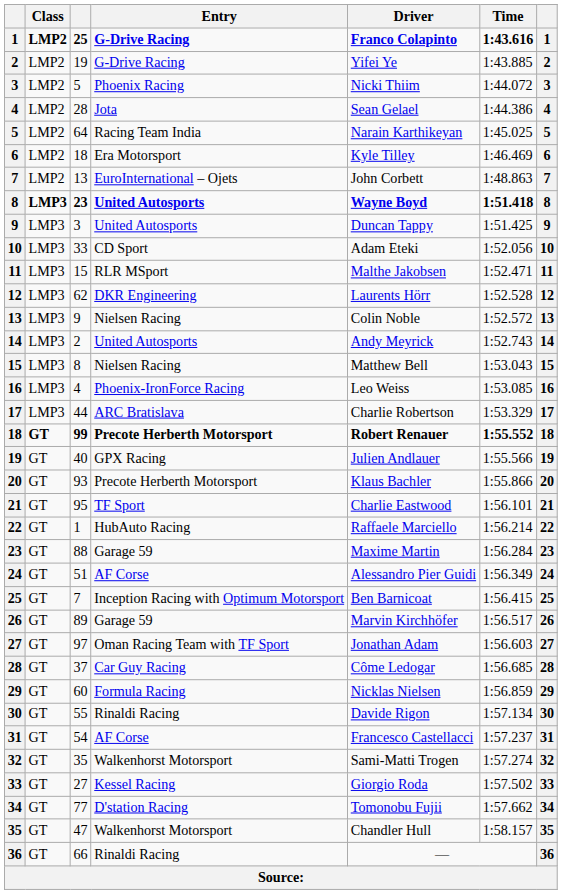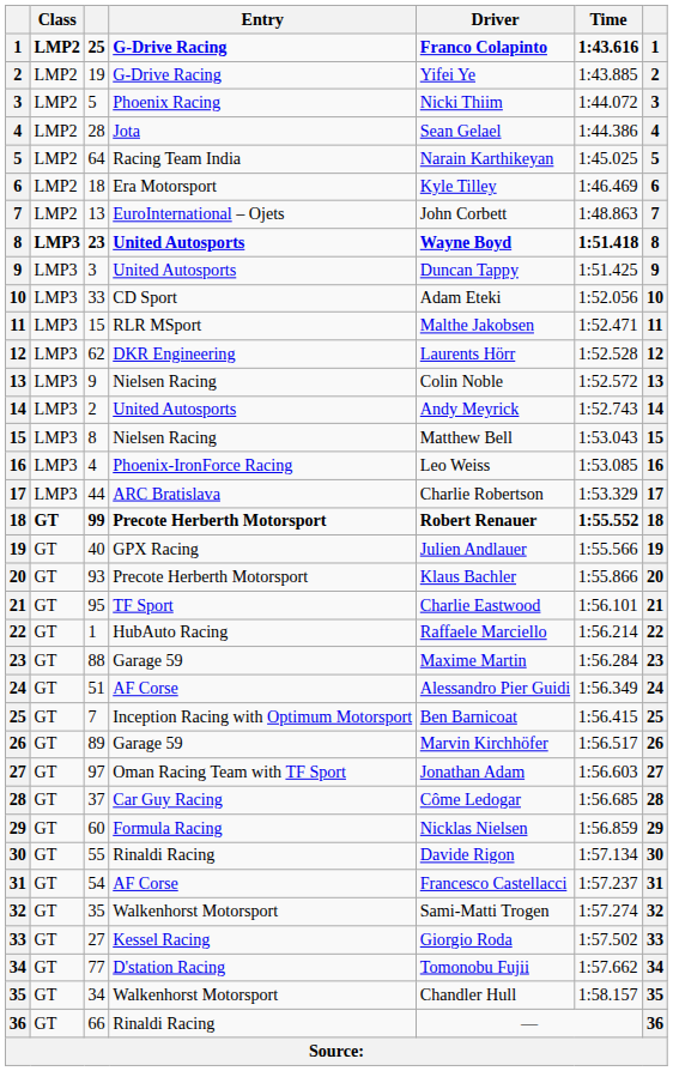 <table class="wikitable sortable" style="font-size:90%;">
 <tr>
 <th></th>
 <th class="unsortable">Class</th>
 <th class="unsortable"></th>
 <th class="unsortable">Entry</th>
 <th class="unsortable">Driver</th>
 <th class="unsortable">Time</th>
 <th></th>
 </tr>
 <tr>
 <th>1</th>
 <td><strong>LMP2</strong></td>
 <td><strong>25</strong></td>
 <td><strong> <a href='#'>G-Drive Racing</a></strong></td>
 <td><strong> <a href='#'>Franco Colapinto</a></strong></td>
 <td><strong>1:43.616</strong></td>
 <th>1</th>
 </tr>
 <tr>
 <th>2</th>
 <td>LMP2</td>
 <td>19</td>
 <td> <a href='#'>G-Drive Racing</a></td>
 <td> <a href='#'>Yifei Ye</a></td>
 <td>1:43.885</td>
 <th>2</th>
 </tr>
 <tr>
 <th>3</th>
 <td>LMP2</td>
 <td>5</td>
 <td> <a href='#'>Phoenix Racing</a></td>
 <td> <a href='#'>Nicki Thiim</a></td>
 <td>1:44.072</td>
 <th>3</th>
 </tr>
 <tr>
 <th>4</th>
 <td>LMP2</td>
 <td>28</td>
 <td> <a href='#'>Jota</a></td>
 <td> <a href='#'>Sean Gelael</a></td>
 <td>1:44.386</td>
 <th>4</th>
 </tr>
 <tr>
 <th>5</th>
 <td>LMP2</td>
 <td>64</td>
 <td> Racing Team India</td>
 <td> <a href='#'>Narain Karthikeyan</a></td>
 <td>1:45.025</td>
 <th>5</th>
 </tr>
 <tr>
 <th>6</th>
 <td>LMP2</td>
 <td>18</td>
 <td> Era Motorsport</td>
 <td> <a href='#'>Kyle Tilley</a></td>
 <td>1:46.469</td>
 <th>6</th>
 </tr>
 <tr>
 <th>7</th>
 <td>LMP2</td>
 <td>13</td>
 <td> <a href='#'>EuroInternational</a> – Ojets</td>
 <td> John Corbett</td>
 <td>1:48.863</td>
 <th>7</th>
 </tr>
 <tr>
 <th>8</th>
 <td><strong>LMP3</strong></td>
 <td><strong>23</strong></td>
 <td><strong> <a href='#'>United Autosports</a></strong></td>
 <td><strong> <a href='#'>Wayne Boyd</a></strong></td>
 <td><strong>1:51.418</strong></td>
 <th>8</th>
 </tr>
 <tr>
 <th>9</th>
 <td>LMP3</td>
 <td>3</td>
 <td> <a href='#'>United Autosports</a></td>
 <td> <a href='#'>Duncan Tappy</a></td>
 <td>1:51.425</td>
 <th>9</th>
 </tr>
 <tr>
 <th>10</th>
 <td>LMP3</td>
 <td>33</td>
 <td> CD Sport</td>
 <td> Adam Eteki</td>
 <td>1:52.056</td>
 <th>10</th>
 </tr>
 <tr>
 <th>11</th>
 <td>LMP3</td>
 <td>15</td>
 <td> RLR MSport</td>
 <td> <a href='#'>Malthe Jakobsen</a></td>
 <td>1:52.471</td>
 <th>11</th>
 </tr>
 <tr>
 <th>12</th>
 <td>LMP3</td>
 <td>62</td>
 <td> <a href='#'>DKR Engineering</a></td>
 <td> <a href='#'>Laurents Hörr</a></td>
 <td>1:52.528</td>
 <th>12</th>
 </tr>
 <tr>
 <th>13</th>
 <td>LMP3</td>
 <td>9</td>
 <td> Nielsen Racing</td>
 <td> Colin Noble</td>
 <td>1:52.572</td>
 <th>13</th>
 </tr>
 <tr>
 <th>14</th>
 <td>LMP3</td>
 <td>2</td>
 <td> <a href='#'>United Autosports</a></td>
 <td> <a href='#'>Andy Meyrick</a></td>
 <td>1:52.743</td>
 <th>14</th>
 </tr>
 <tr>
 <th>15</th>
 <td>LMP3</td>
 <td>8</td>
 <td> Nielsen Racing</td>
 <td> Matthew Bell</td>
 <td>1:53.043</td>
 <th>15</th>
 </tr>
 <tr>
 <th>16</th>
 <td>LMP3</td>
 <td>4</td>
 <td> <a href='#'>Phoenix-IronForce Racing</a></td>
 <td> Leo Weiss</td>
 <td>1:53.085</td>
 <th>16</th>
 </tr>
 <tr>
 <th>17</th>
 <td>LMP3</td>
 <td>44</td>
 <td> <a href='#'>ARC Bratislava</a></td>
 <td> Charlie Robertson</td>
 <td>1:53.329</td>
 <th>17</th>
 </tr>
 <tr>
 <th>18</th>
 <td><strong>GT</strong></td>
 <td><strong>99</strong></td>
 <td><strong> Precote Herberth Motorsport</strong></td>
 <td><strong> Robert Renauer</strong></td>
 <td><strong>1:55.552</strong></td>
 <th>18</th>
 </tr>
 <tr>
 <th>19</th>
 <td>GT</td>
 <td>40</td>
 <td> GPX Racing</td>
 <td> <a href='#'>Julien Andlauer</a></td>
 <td>1:55.566</td>
 <th>19</th>
 </tr>
 <tr>
 <th>20</th>
 <td>GT</td>
 <td>93</td>
 <td> Precote Herberth Motorsport</td>
 <td> <a href='#'>Klaus Bachler</a></td>
 <td>1:55.866</td>
 <th>20</th>
 </tr>
 <tr>
 <th>21</th>
 <td>GT</td>
 <td>95</td>
 <td> <a href='#'>TF Sport</a></td>
 <td> <a href='#'>Charlie Eastwood</a></td>
 <td>1:56.101</td>
 <th>21</th>
 </tr>
 <tr>
 <th>22</th>
 <td>GT</td>
 <td>1</td>
 <td> HubAuto Racing</td>
 <td> <a href='#'>Raffaele Marciello</a></td>
 <td>1:56.214</td>
 <th>22</th>
 </tr>
 <tr>
 <th>23</th>
 <td>GT</td>
 <td>88</td>
 <td> Garage 59</td>
 <td> <a href='#'>Maxime Martin</a></td>
 <td>1:56.284</td>
 <th>23</th>
 </tr>
 <tr>
 <th>24</th>
 <td>GT</td>
 <td>51</td>
 <td> <a href='#'>AF Corse</a></td>
 <td> <a href='#'>Alessandro Pier Guidi</a></td>
 <td>1:56.349</td>
 <th>24</th>
 </tr>
 <tr>
 <th>25</th>
 <td>GT</td>
 <td>7</td>
 <td> Inception Racing with <a href='#'>Optimum Motorsport</a></td>
 <td> <a href='#'>Ben Barnicoat</a></td>
 <td>1:56.415</td>
 <th>25</th>
 </tr>
 <tr>
 <th>26</th>
 <td>GT</td>
 <td>89</td>
 <td> Garage 59</td>
 <td> <a href='#'>Marvin Kirchhöfer</a></td>
 <td>1:56.517</td>
 <th>26</th>
 </tr>
 <tr>
 <th>27</th>
 <td>GT</td>
 <td>97</td>
 <td> Oman Racing Team with <a href='#'>TF Sport</a></td>
 <td> <a href='#'>Jonathan Adam</a></td>
 <td>1:56.603</td>
 <th>27</th>
 </tr>
 <tr>
 <th>28</th>
 <td>GT</td>
 <td>37</td>
 <td> <a href='#'>Car Guy Racing</a></td>
 <td> <a href='#'>Côme Ledogar</a></td>
 <td>1:56.685</td>
 <th>28</th>
 </tr>
 <tr>
 <th>29</th>
 <td>GT</td>
 <td>60</td>
 <td> <a href='#'>Formula Racing</a></td>
 <td> <a href='#'>Nicklas Nielsen</a></td>
 <td>1:56.859</td>
 <th>29</th>
 </tr>
 <tr>
 <th>30</th>
 <td>GT</td>
 <td>55</td>
 <td> Rinaldi Racing</td>
 <td> <a href='#'>Davide Rigon</a></td>
 <td>1:57.134</td>
 <th>30</th>
 </tr>
 <tr>
 <th>31</th>
 <td>GT</td>
 <td>54</td>
 <td> <a href='#'>AF Corse</a></td>
 <td> <a href='#'>Francesco Castellacci</a></td>
 <td>1:57.237</td>
 <th>31</th>
 </tr>
 <tr>
 <th>32</th>
 <td>GT</td>
 <td>35</td>
 <td> Walkenhorst Motorsport</td>
 <td> Sami-Matti Trogen</td>
 <td>1:57.274</td>
 <th>32</th>
 </tr>
 <tr>
 <th>33</th>
 <td>GT</td>
 <td>27</td>
 <td> <a href='#'>Kessel Racing</a></td>
 <td> <a href='#'>Giorgio Roda</a></td>
 <td>1:57.502</td>
 <th>33</th>
 </tr>
 <tr>
 <th>34</th>
 <td>GT</td>
 <td>77</td>
 <td> <a href='#'>D'station Racing</a></td>
 <td> <a href='#'>Tomonobu Fujii</a></td>
 <td>1:57.662</td>
 <th>34</th>
 </tr>
 <tr>
 <th>35</th>
 <td>GT</td>
-<td>47</td>
+<td>34</td>
 <td> Walkenhorst Motorsport</td>
 <td> Chandler Hull</td>
 <td>1:58.157</td>
 <th>35</th>
 </tr>
 <tr>
 <th>36</th>
 <td>GT</td>
 <td>66</td>
 <td> Rinaldi Racing</td>
 <td colspan="2"  align="center">—</td>
 <th>36</th>
 </tr>
 <tr>
 <th colspan="7">Source:</th>
 </tr>
 </table>
